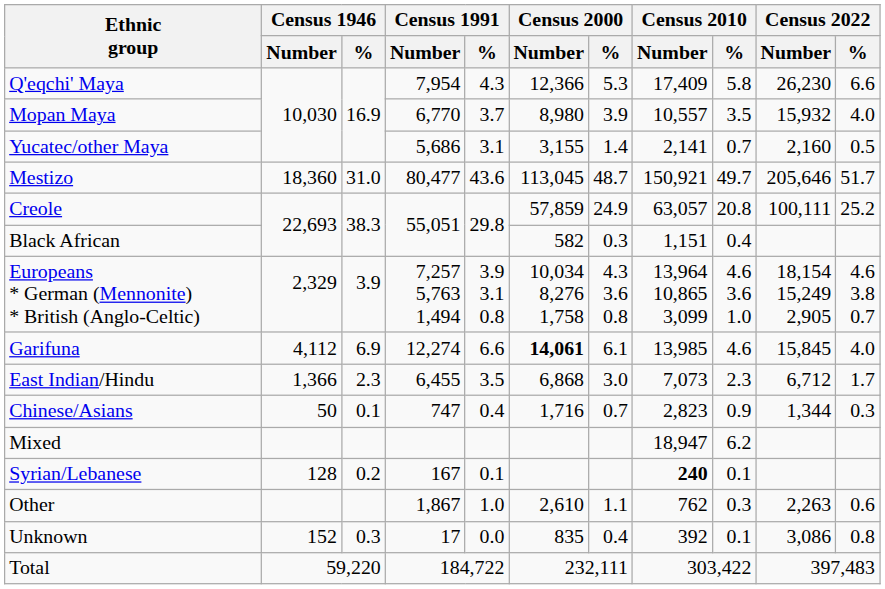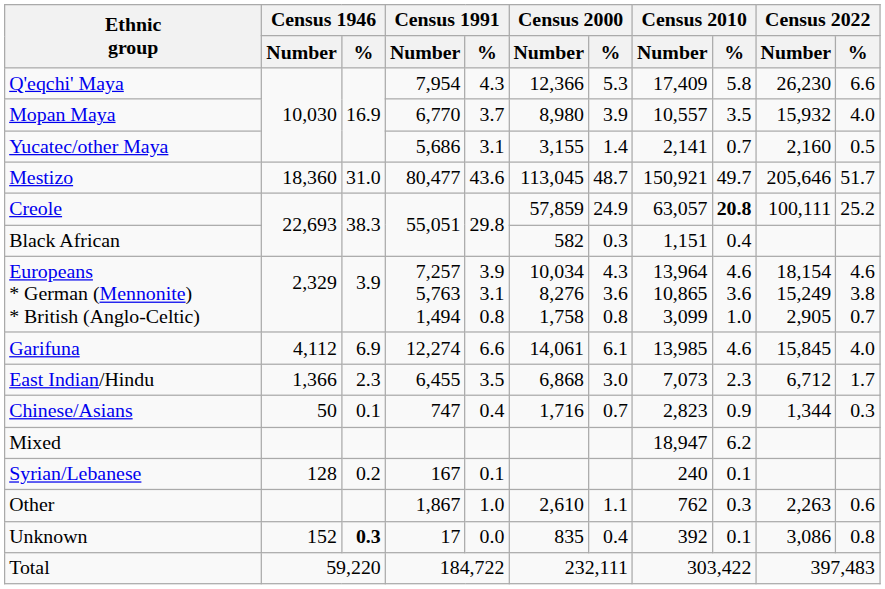 <table class="wikitable" style="text-align: right;">
 <tr bgcolor="#e0e0e0">
 <th width="200pt" rowspan="2">Ethnic<br>group</th>
 <th colspan="2">Census 1946</th>
 <th colspan="2">Census 1991</th>
 <th colspan="2">Census 2000</th>
 <th colspan="2">Census 2010</th>
 <th colspan="2">Census 2022</th>
 </tr>
 <tr bgcolor="#e0e0e0">
 <th>Number</th>
 <th>%</th>
 <th>Number</th>
 <th>%</th>
 <th>Number</th>
 <th>%</th>
 <th>Number</th>
 <th>%</th>
 <th>Number</th>
 <th>%</th>
 </tr>
 <tr>
 <td align=left><a href='#'>Q'eqchi' Maya</a></td>
 <td rowspan="3">10,030</td>
 <td rowspan="3">16.9</td>
 <td>7,954</td>
 <td>4.3</td>
 <td>12,366</td>
 <td>5.3</td>
 <td>17,409</td>
 <td>5.8</td>
 <td>26,230</td>
 <td>6.6</td>
 </tr>
 <tr>
 <td align=left><a href='#'>Mopan Maya</a></td>
 <td>6,770</td>
 <td>3.7</td>
 <td>8,980</td>
 <td>3.9</td>
 <td>10,557</td>
 <td>3.5</td>
 <td>15,932</td>
 <td>4.0</td>
 </tr>
 <tr>
 <td align=left><a href='#'>Yucatec/other Maya</a></td>
 <td>5,686</td>
 <td>3.1</td>
 <td>3,155</td>
 <td>1.4</td>
 <td>2,141</td>
 <td>0.7</td>
 <td>2,160</td>
 <td>0.5</td>
 </tr>
 <tr>
 <td align=left><a href='#'>Mestizo</a></td>
 <td>18,360</td>
 <td>31.0</td>
 <td>80,477</td>
 <td>43.6</td>
 <td>113,045</td>
 <td>48.7</td>
 <td>150,921</td>
 <td>49.7</td>
 <td>205,646</td>
 <td>51.7</td>
 </tr>
 <tr>
 <td align=left><a href='#'>Creole</a></td>
 <td rowspan="2">22,693</td>
 <td rowspan="2">38.3</td>
 <td rowspan="2">55,051</td>
 <td rowspan="2">29.8</td>
 <td>57,859</td>
 <td>24.9</td>
 <td>63,057</td>
-<td>20.8</td>
+<td><strong>20.8</strong></td>
 <td>100,111</td>
 <td>25.2</td>
 </tr>
 <tr>
 <td align=left>Black African</td>
 <td>582</td>
 <td>0.3</td>
 <td>1,151</td>
 <td>0.4</td>
 <td></td>
 <td></td>
 </tr>
 <tr>
 <td align=left><a href='#'>Europeans</a><br>* German (<a href='#'>Mennonite</a>)<br>* British (Anglo-Celtic)</td>
 <td>2,329<br> <br></td>
 <td>3.9<br><br></td>
 <td>7,257<br>5,763<br>1,494</td>
 <td>3.9<br>3.1<br>0.8</td>
 <td>10,034<br>8,276<br>1,758</td>
 <td>4.3<br>3.6<br>0.8</td>
 <td>13,964<br>10,865<br>3,099</td>
 <td>4.6<br>3.6<br>1.0</td>
 <td>18,154<br>15,249<br>2,905</td>
 <td>4.6<br>3.8<br>0.7</td>
 </tr>
 <tr>
 <td align=left><a href='#'>Garifuna</a></td>
 <td>4,112</td>
 <td>6.9</td>
 <td>12,274</td>
 <td>6.6</td>
-<td><strong>14,061</strong></td>
+<td>14,061</td>
 <td>6.1</td>
 <td>13,985</td>
 <td>4.6</td>
 <td>15,845</td>
 <td>4.0</td>
 </tr>
 <tr>
 <td align=left><a href='#'>East Indian</a>/Hindu</td>
 <td>1,366</td>
 <td>2.3</td>
 <td>6,455</td>
 <td>3.5</td>
 <td>6,868</td>
 <td>3.0</td>
 <td>7,073</td>
 <td>2.3</td>
 <td>6,712</td>
 <td>1.7</td>
 </tr>
 <tr>
 <td align=left><a href='#'>Chinese/Asians</a></td>
 <td>50</td>
 <td>0.1</td>
 <td>747</td>
 <td>0.4</td>
 <td>1,716</td>
 <td>0.7</td>
 <td>2,823</td>
 <td>0.9</td>
 <td>1,344</td>
 <td>0.3</td>
 </tr>
 <tr>
 <td align=left>Mixed</td>
 <td></td>
 <td></td>
 <td></td>
 <td></td>
 <td></td>
 <td></td>
 <td>18,947</td>
 <td>6.2</td>
 <td></td>
 <td></td>
 </tr>
 <tr>
 <td align=left><a href='#'>Syrian/Lebanese</a></td>
 <td>128</td>
 <td>0.2</td>
 <td>167</td>
 <td>0.1</td>
 <td></td>
 <td></td>
-<td><strong>240</strong></td>
+<td>240</td>
 <td>0.1</td>
 <td></td>
 <td></td>
 </tr>
 <tr>
 <td align=left>Other</td>
 <td></td>
 <td></td>
 <td>1,867</td>
 <td>1.0</td>
 <td>2,610</td>
 <td>1.1</td>
 <td>762</td>
 <td>0.3</td>
 <td>2,263</td>
 <td>0.6</td>
 </tr>
 <tr>
 <td align=left>Unknown</td>
 <td>152</td>
-<td>0.3</td>
+<td><strong>0.3</strong></td>
 <td>17</td>
 <td>0.0</td>
 <td>835</td>
 <td>0.4</td>
 <td>392</td>
 <td>0.1</td>
 <td>3,086</td>
 <td>0.8</td>
 </tr>
 <tr>
 <td align=left>Total</td>
 <td colspan=2>59,220</td>
 <td colspan=2>184,722</td>
 <td colspan=2>232,111</td>
 <td colspan=2>303,422</td>
 <td colspan="2">397,483</td>
 </tr>
 </table>
